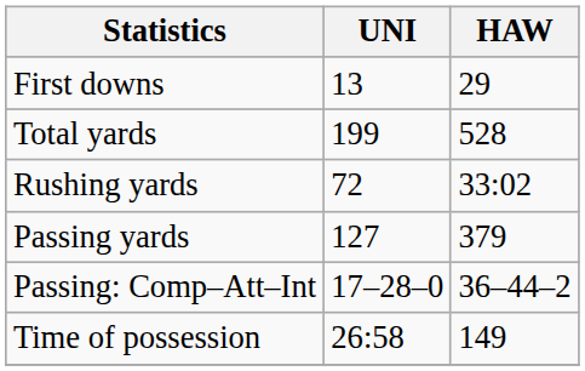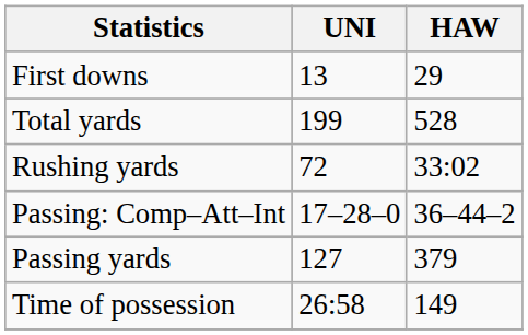 <table class="wikitable" style="float: left;">
 <tr>
 <th>Statistics</th>
 <th>UNI</th>
 <th>HAW</th>
 </tr>
 <tr>
 <td>First downs</td>
 <td>13</td>
 <td>29</td>
 </tr>
 <tr>
 <td>Total yards</td>
 <td>199</td>
 <td>528</td>
 </tr>
 <tr>
 <td>Rushing yards</td>
 <td>72</td>
 <td>33:02</td>
 </tr>
 <tr>
+<td>Passing: Comp–Att–Int</td>
+<td>17–28–0</td>
+<td>36–44–2</td>
+</tr>
+<tr>
 <td>Passing yards</td>
 <td>127</td>
 <td>379</td>
-</tr>
-<tr>
-<td>Passing: Comp–Att–Int</td>
-<td>17–28–0</td>
-<td>36–44–2</td>
 </tr>
 <tr>
 <td>Time of possession</td>
 <td>26:58</td>
 <td>149</td>
 </tr>
 <tr>
 </tr>
 </table>
